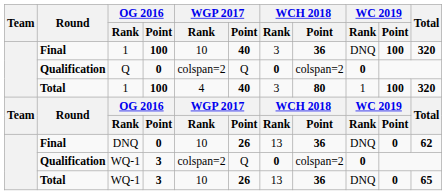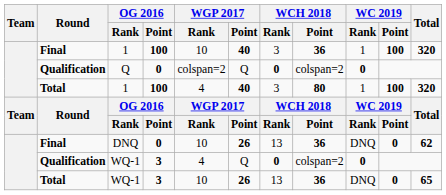 <table class="wikitable" style="font-size:100%; text-align:center;">
 <tr>
 <th rowspan=2>Team</th>
 <th rowspan=2>Round</th>
 <th colspan=2><a href='#'>OG 2016</a></th>
 <th colspan=2><a href='#'>WGP 2017</a></th>
 <th colspan=2><a href='#'>WCH 2018</a></th>
 <th colspan=2><a href='#'>WC 2019</a></th>
 <th rowspan=2>Total</th>
 </tr>
 <tr>
 <th>Rank</th>
 <th>Point</th>
 <th>Rank</th>
 <th>Point</th>
 <th>Rank</th>
 <th>Point</th>
 <th>Rank</th>
 <th>Point</th>
 </tr>
 <tr>
 <th rowspan=3 align=left></th>
 <td align=left><strong>Final</strong></td>
 <td>1</td>
 <td><strong>100</strong></td>
 <td>10</td>
 <td><strong>40</strong></td>
 <td>3</td>
 <td><strong>36</strong></td>
-<td>DNQ</td>
+<td>1</td>
 <td><strong>100</strong></td>
 <td><strong>320</strong></td>
 </tr>
 <tr>
 <td align=left><strong>Qualification</strong></td>
 <td>Q</td>
 <td><strong>0</strong></td>
 <td>colspan=2 </td>
 <td>Q</td>
 <td><strong>0</strong></td>
 <td>colspan=2 </td>
 <td><strong>0</strong></td>
 </tr>
 <tr>
 <td align=left><strong>Total</strong></td>
 <td>1</td>
 <td><strong>100</strong></td>
 <td>4</td>
 <td><strong>40</strong></td>
 <td>3</td>
 <td><strong>80</strong></td>
 <td>1</td>
 <td><strong>100</strong></td>
 <td><strong>320</strong></td>
 </tr>
 <tr>
 <th rowspan=2>Team</th>
 <th rowspan=2>Round</th>
 <th colspan=2><a href='#'>OG 2016</a></th>
 <th colspan=2><a href='#'>WGP 2017</a></th>
 <th colspan=2><a href='#'>WCH 2018</a></th>
 <th colspan=2><a href='#'>WC 2019</a></th>
 <th rowspan=2>Total</th>
 </tr>
 <tr>
 <th>Rank</th>
 <th>Point</th>
 <th>Rank</th>
 <th>Point</th>
 <th>Rank</th>
 <th>Point</th>
 <th>Rank</th>
 <th>Point</th>
 </tr>
 <tr>
 <th rowspan=3 align=left></th>
 <td align=left><strong>Final</strong></td>
 <td>DNQ</td>
 <td><strong>0</strong></td>
 <td>10</td>
 <td><strong>26</strong></td>
 <td>13</td>
 <td><strong>36</strong></td>
 <td>DNQ</td>
 <td><strong>0</strong></td>
 <td><strong>62</strong></td>
 </tr>
 <tr>
 <td align=left><strong>Qualification</strong></td>
 <td>WQ-1</td>
 <td><strong>3</strong></td>
-<td>colspan=2 </td>
+<td>4</td>
 <td>Q</td>
 <td><strong>0</strong></td>
 <td>colspan=2 </td>
 <td><strong>0</strong></td>
 </tr>
 <tr>
 <td align=left><strong>Total</strong></td>
 <td>WQ-1</td>
 <td><strong>3</strong></td>
 <td>10</td>
 <td><strong>26</strong></td>
 <td>13</td>
 <td><strong>36</strong></td>
 <td>DNQ</td>
 <td><strong>0</strong></td>
 <td><strong>65</strong></td>
 </tr>
 </table>
